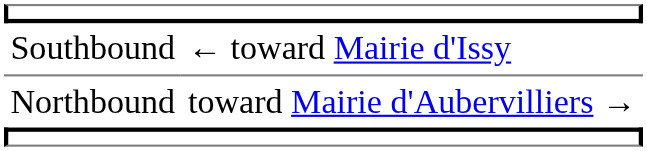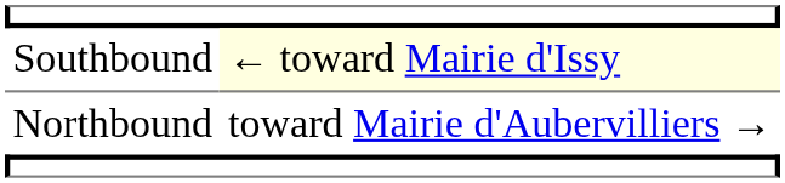 <table border=0 cellspacing=0 cellpadding=3>
 <tr>
 <td style="border-top:solid 1px gray;border-right:solid 2px black;border-left:solid 2px black;border-bottom:solid 2px black;text-align:center" colspan=2></td>
 </tr>
 <tr>
 <td style="border-bottom:solid 1px gray">Southbound</td>
-<td style="border-bottom:solid 1px gray">←   toward <a href='#'>Mairie d'Issy</a> </td>
+<td style="background: lightyellow; border-bottom:solid 1px gray">←   toward <a href='#'>Mairie d'Issy</a> </td>
 </tr>
 <tr>
 <td>Northbound</td>
 <td>   toward <a href='#'>Mairie d'Aubervilliers</a>  →</td>
 </tr>
 <tr>
 <td style="border-top:solid 2px black;border-right:solid 2px black;border-left:solid 2px black;border-bottom:solid 1px gray;text-align:center" colspan=2></td>
 </tr>
 </table>
